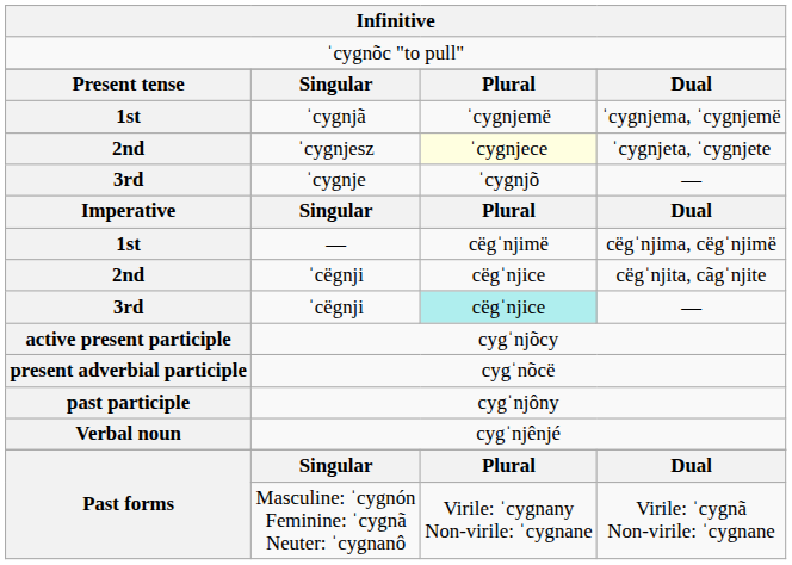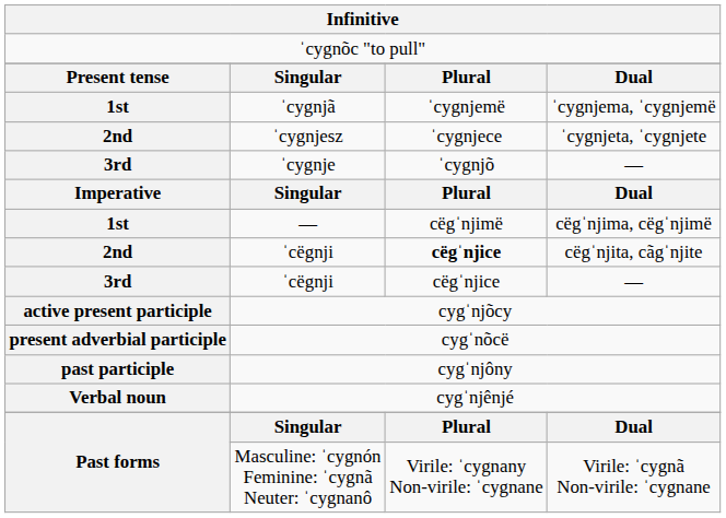 <table class="wikitable" style="text-align:center;">
 <tr>
 <th colspan="4">Infinitive</th>
 </tr>
 <tr>
 <td colspan="4">ˈcygnõc "to pull"</td>
 </tr>
 <tr>
 </tr>
 <tr>
 <th>Present tense</th>
 <th>Singular</th>
 <th>Plural</th>
 <th>Dual</th>
 </tr>
 <tr>
 <th>1st</th>
 <td>ˈcygnjã</td>
 <td>ˈcygnjemë</td>
 <td>ˈcygnjema, ˈcygnjemë</td>
 </tr>
 <tr>
 <th>2nd</th>
 <td>ˈcygnjesz</td>
-<td style="background: lightyellow;">ˈcygnjece</td>
+<td>ˈcygnjece</td>
 <td>ˈcygnjeta, ˈcygnjete</td>
 </tr>
 <tr>
 <th>3rd</th>
 <td>ˈcygnje</td>
 <td>ˈcygnjõ</td>
 <td>—</td>
 </tr>
 <tr>
 <th>Imperative</th>
 <th>Singular</th>
 <th>Plural</th>
 <th>Dual</th>
 </tr>
 <tr>
 <th>1st</th>
 <td>—</td>
 <td>cëgˈnjimë</td>
 <td>cëgˈnjima, cëgˈnjimë</td>
 </tr>
 <tr>
 <th>2nd</th>
 <td>ˈcëgnji</td>
-<td>cëgˈnjice</td>
+<td><strong>cëgˈnjice</strong></td>
 <td>cëgˈnjita, cãgˈnjite</td>
 </tr>
 <tr>
 <th>3rd</th>
 <td>ˈcëgnji</td>
-<td style="background: paleturquoise;">cëgˈnjice</td>
+<td>cëgˈnjice</td>
 <td>—</td>
 </tr>
 <tr>
 <th>active present participle</th>
 <td colspan="3">cygˈnjõcy</td>
 </tr>
 <tr>
 <th>present adverbial participle</th>
 <td colspan="3">cygˈnõcë</td>
 </tr>
 <tr>
 <th>past participle</th>
 <td colspan="3">cygˈnjôny</td>
 </tr>
 <tr>
 <th>Verbal noun</th>
 <td colspan="3">cygˈnjênjé</td>
 </tr>
 <tr>
 </tr>
 <tr>
 <th rowspan="2">Past forms</th>
 <th>Singular</th>
 <th>Plural</th>
 <th>Dual</th>
 </tr>
 <tr>
 <td>Masculine: ˈcygnón<br>Feminine: ˈcygnã<br>Neuter: ˈcygnanô</td>
 <td>Virile: ˈcygnany<br>Non-virile: ˈcygnane</td>
 <td>Virile: ˈcygnã<br>Non-virile: ˈcygnane</td>
 </tr>
 </table>
